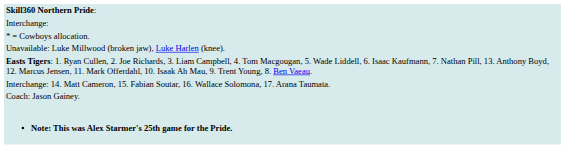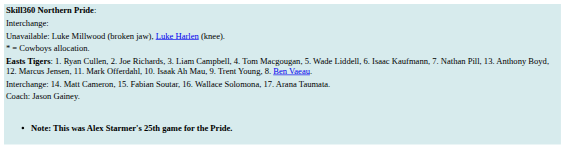 <table style="background:#d7ebed; font-size:85%; width:100%;">
 <tr>
 <td><strong>Skill360 Northern Pride</strong>:             </td>
 </tr>
 <tr>
 <td>Interchange:    </td>
 </tr>
 <tr>
-<td>* = Cowboys allocation.</td>
+<td>Unavailable: Luke Millwood (broken jaw), <a href='#'>Luke Harlen</a> (knee).</td>
 </tr>
 <tr>
-<td>Unavailable: Luke Millwood (broken jaw), <a href='#'>Luke Harlen</a> (knee).</td>
+<td>* = Cowboys allocation.</td>
 </tr>
 <tr>
 <td><strong>Easts Tigers</strong>: 1. Ryan Cullen, 2. Joe Richards, 3. Liam Campbell, 4. Tom Macgougan, 5. Wade Liddell, 6. Isaac Kaufmann, 7. Nathan Pill, 13. Anthony Boyd, 12. Marcus Jensen, 11. Mark Offerdahl, 10. Isaak Ah Mau, 9. Trent Young, 8. <a href='#'>Ben Vaeau</a>.</td>
 </tr>
 <tr>
 <td>Interchange: 14. Matt Cameron, 15. Fabian Soutar, 16. Wallace Solomona, 17. Arana Taumata.</td>
 </tr>
 <tr>
 <td>Coach: Jason Gainey.</td>
 </tr>
 <tr>
 <td><strong><br><ul><li>Note: This was Alex Starmer's 25th game for the Pride.</li></ul></strong></td>
 </tr>
 <tr>
 </tr>
 </table>
